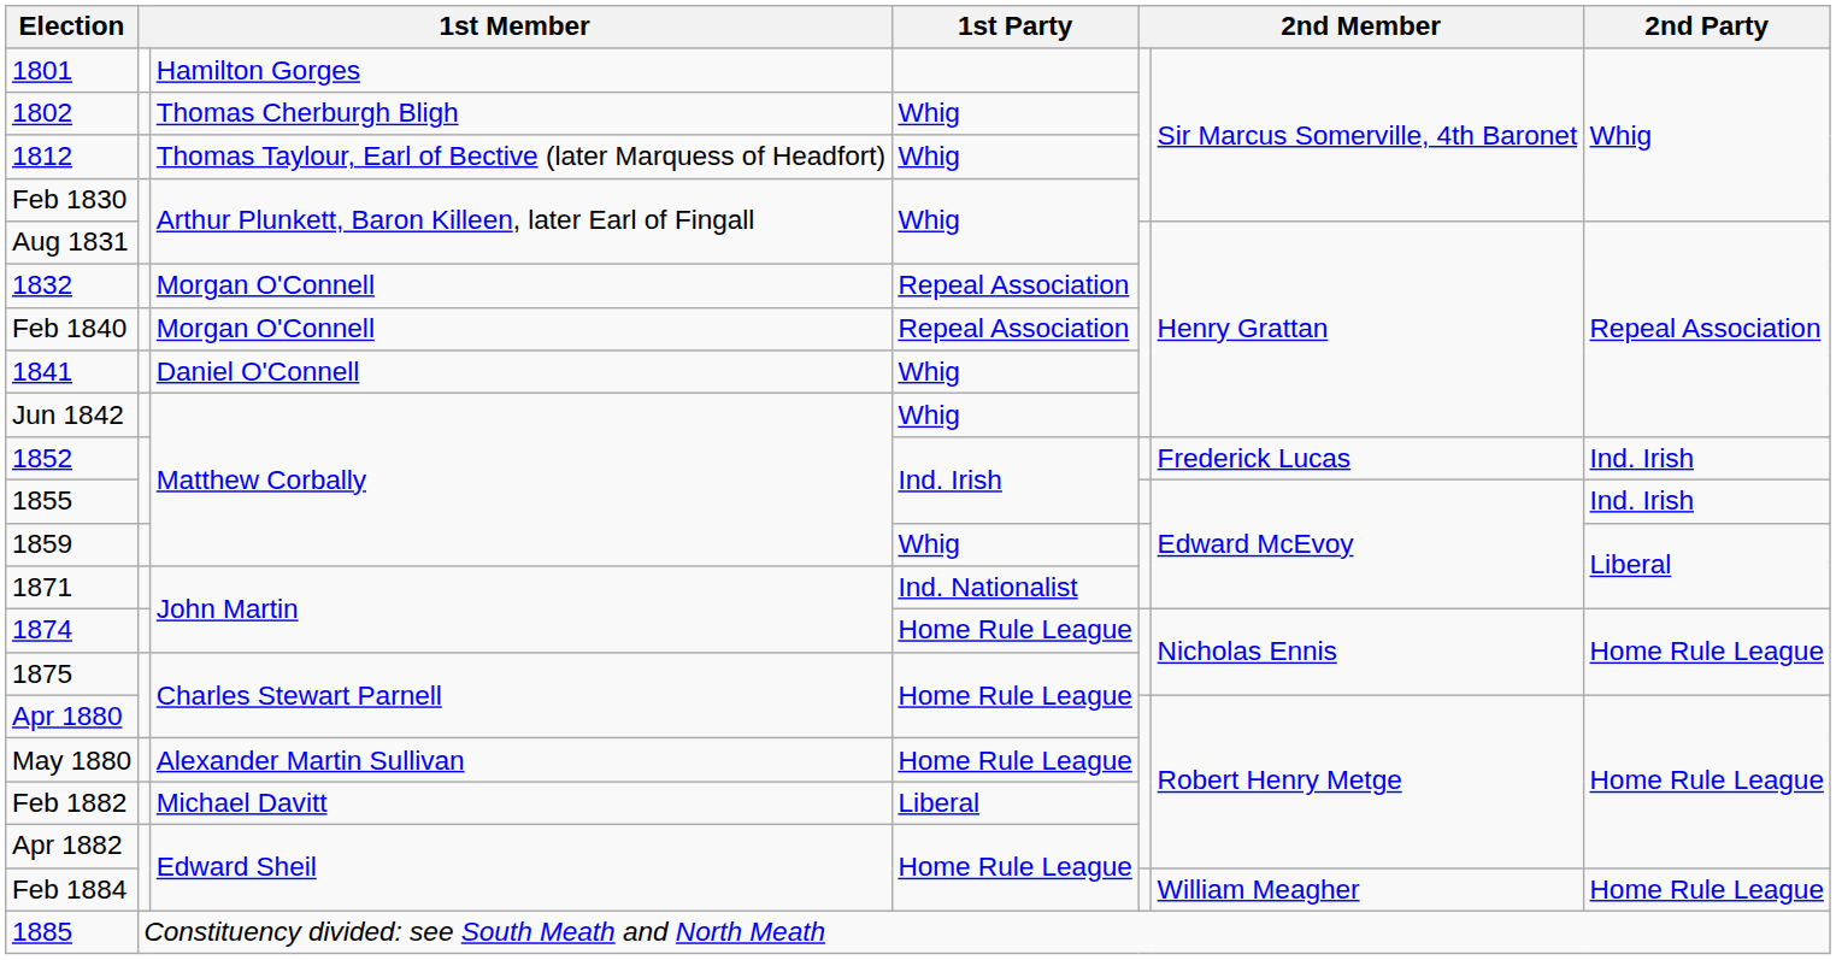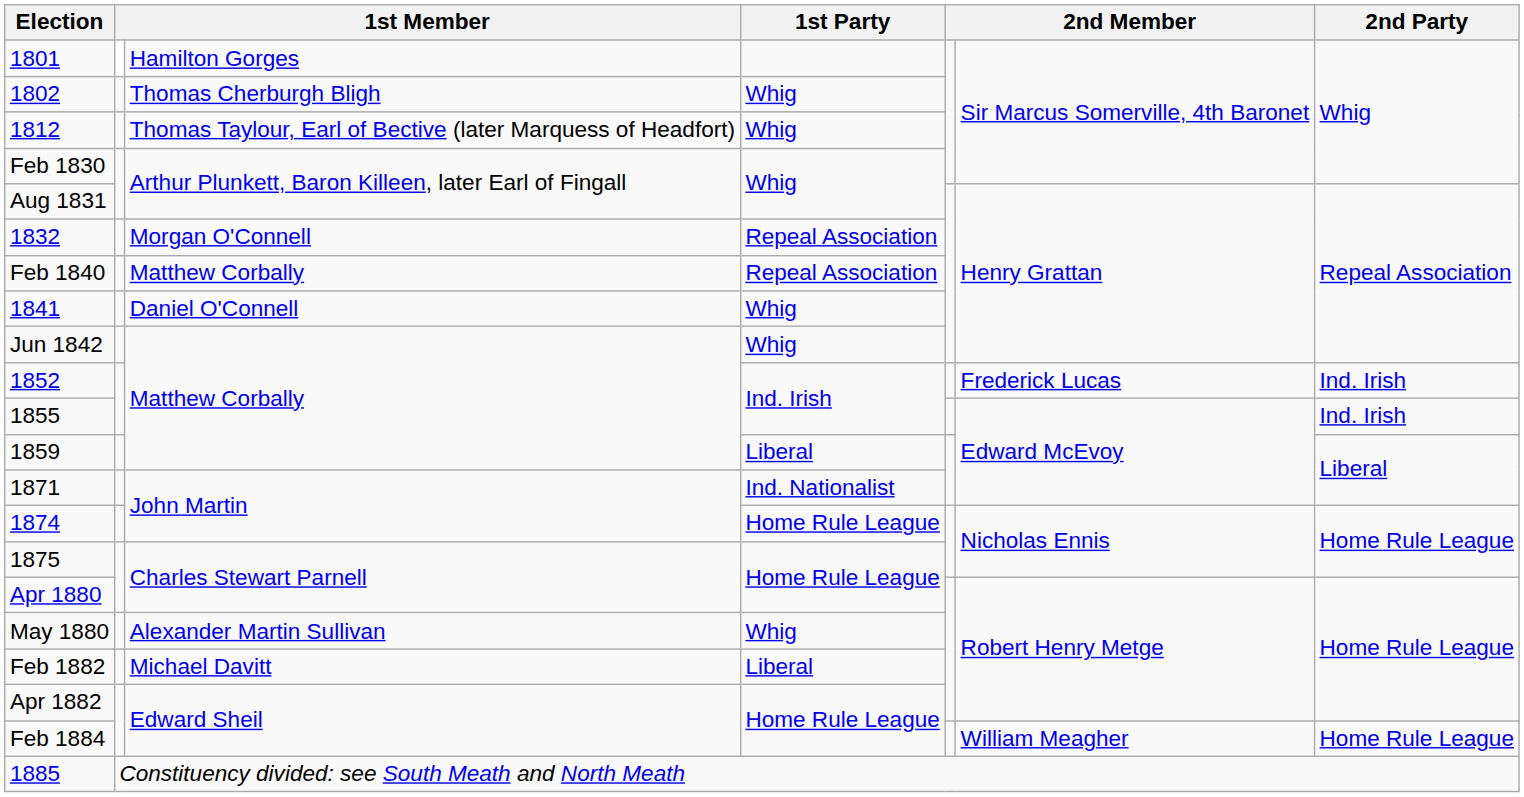 <table class="wikitable">
 <tr>
 <th>Election</th>
 <th colspan="2">1st Member</th>
 <th>1st Party</th>
 <th colspan="2">2nd Member</th>
 <th>2nd Party</th>
 </tr>
 <tr>
 <td><a href='#'>1801</a></td>
 <td style="color:inherit;background-color: white"></td>
 <td><a href='#'>Hamilton Gorges</a></td>
 <td></td>
 <td rowspan="4" style="color:inherit;background-color: "></td>
 <td rowspan="4"><a href='#'>Sir Marcus Somerville, 4th Baronet</a></td>
 <td rowspan="4"><a href='#'>Whig</a></td>
 </tr>
 <tr>
 <td><a href='#'>1802</a></td>
 <td style="color:inherit;background-color: "></td>
 <td><a href='#'>Thomas Cherburgh Bligh</a></td>
 <td><a href='#'>Whig</a></td>
 </tr>
 <tr>
 <td><a href='#'>1812</a></td>
 <td style="color:inherit;background-color: "></td>
 <td><a href='#'>Thomas Taylour, Earl of Bective</a> (later Marquess of Headfort)</td>
 <td><a href='#'>Whig</a></td>
 </tr>
 <tr>
 <td>Feb 1830</td>
 <td rowspan="2" style="color:inherit;background-color: "></td>
 <td rowspan="2"><a href='#'>Arthur Plunkett, Baron Killeen</a>, later Earl of Fingall</td>
 <td rowspan="2"><a href='#'>Whig</a></td>
 </tr>
 <tr>
 <td>Aug 1831</td>
 <td rowspan="5" style="color:inherit;background-color: "></td>
 <td rowspan="5"><a href='#'>Henry Grattan</a></td>
 <td rowspan="5"><a href='#'>Repeal Association</a></td>
 </tr>
 <tr>
 <td><a href='#'>1832</a></td>
 <td style="color:inherit;background-color: "></td>
 <td><a href='#'>Morgan O'Connell</a></td>
 <td><a href='#'>Repeal Association</a></td>
 </tr>
 <tr>
 <td>Feb 1840</td>
 <td style="color:inherit;background-color: "></td>
-<td><a href='#'>Morgan O'Connell</a></td>
+<td><a href='#'>Matthew Corbally</a></td>
 <td rowspan="1"><a href='#'>Repeal Association</a></td>
 </tr>
 <tr>
 <td><a href='#'>1841</a></td>
 <td style="color:inherit;background-color: "></td>
 <td><a href='#'>Daniel O'Connell</a></td>
 <td><a href='#'>Whig</a></td>
 </tr>
 <tr>
 <td>Jun 1842</td>
 <td style="color:inherit;background-color: "></td>
 <td rowspan="4"><a href='#'>Matthew Corbally</a></td>
 <td><a href='#'>Whig</a></td>
 </tr>
 <tr>
 <td><a href='#'>1852</a></td>
 <td rowspan="2" style="color:inherit;background-color: "></td>
 <td rowspan="2"><a href='#'>Ind. Irish</a></td>
 <td style="color:inherit;background-color: "></td>
 <td><a href='#'>Frederick Lucas</a></td>
 <td><a href='#'>Ind. Irish</a></td>
 </tr>
 <tr>
 <td>1855</td>
 <td style="color:inherit;background-color: "></td>
 <td rowspan="3"><a href='#'>Edward McEvoy</a></td>
 <td><a href='#'>Ind. Irish</a></td>
 </tr>
 <tr>
 <td>1859</td>
 <td style="color:inherit;background-color: "></td>
-<td><a href='#'>Whig</a></td>
+<td><a href='#'>Liberal</a></td>
 <td rowspan="2" style="color:inherit;background-color: "></td>
 <td rowspan="2"><a href='#'>Liberal</a></td>
 </tr>
 <tr>
 <td>1871</td>
 <td style="color:inherit;background-color: "></td>
 <td rowspan="2"><a href='#'>John Martin</a></td>
 <td><a href='#'>Ind. Nationalist</a></td>
 </tr>
 <tr>
 <td><a href='#'>1874</a></td>
 <td style="color:inherit;background-color: "></td>
 <td><a href='#'>Home Rule League</a></td>
 <td rowspan="2" style="color:inherit;background-color: "></td>
 <td rowspan="2"><a href='#'>Nicholas Ennis</a></td>
 <td rowspan="2"><a href='#'>Home Rule League</a></td>
 </tr>
 <tr>
 <td>1875</td>
 <td rowspan="2" style="color:inherit;background-color: "></td>
 <td rowspan="2"><a href='#'>Charles Stewart Parnell</a></td>
 <td rowspan="2"><a href='#'>Home Rule League</a></td>
 </tr>
 <tr>
 <td><a href='#'>Apr 1880</a></td>
 <td rowspan="4" style="color:inherit;background-color: "></td>
 <td rowspan="4"><a href='#'>Robert Henry Metge</a></td>
 <td rowspan="4"><a href='#'>Home Rule League</a></td>
 </tr>
 <tr>
 <td>May 1880</td>
 <td style="color:inherit;background-color: "></td>
 <td><a href='#'>Alexander Martin Sullivan</a></td>
-<td><a href='#'>Home Rule League</a></td>
+<td><a href='#'>Whig</a></td>
 </tr>
 <tr>
 <td>Feb 1882</td>
 <td style="color:inherit;background-color: "></td>
 <td><a href='#'>Michael Davitt</a></td>
 <td><a href='#'>Liberal</a></td>
 </tr>
 <tr>
 <td>Apr 1882</td>
 <td rowspan="2" style="color:inherit;background-color: "></td>
 <td rowspan="2"><a href='#'>Edward Sheil</a></td>
 <td rowspan="2"><a href='#'>Home Rule League</a></td>
 </tr>
 <tr>
 <td>Feb 1884</td>
 <td style="color:inherit;background-color: "></td>
 <td><a href='#'>William Meagher</a></td>
 <td><a href='#'>Home Rule League</a></td>
 </tr>
 <tr>
 <td><a href='#'>1885</a></td>
 <td colspan="6"><em>Constituency divided: see <a href='#'>South Meath</a> and <a href='#'>North Meath</a></em></td>
 </tr>
 </table>
